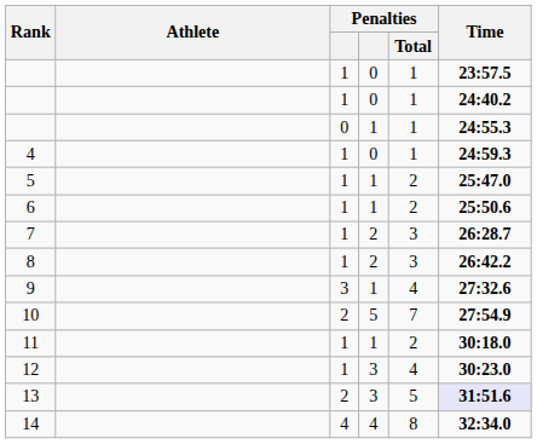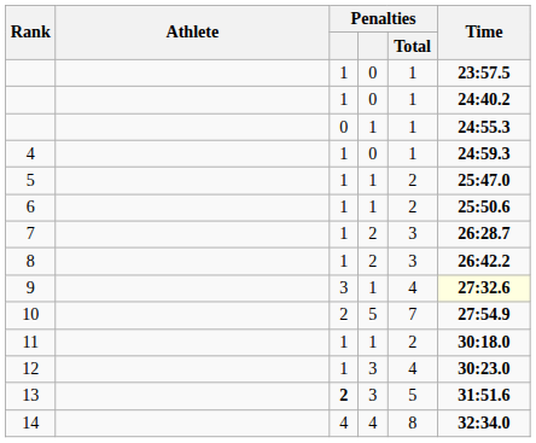 <table class=wikitable style="text-align:center">
 <tr>
 <th rowspan=2 width=40>Rank</th>
 <th rowspan=2 width=250>Athlete</th>
 <th colspan=3>Penalties</th>
 <th rowspan=2 width=80>Time</th>
 </tr>
 <tr>
 <th width=20></th>
 <th width=20></th>
 <th width=40>Total</th>
 </tr>
 <tr>
 <td></td>
 <td align=left></td>
 <td>1</td>
 <td>0</td>
 <td>1</td>
 <td><strong>23:57.5</strong></td>
 </tr>
 <tr>
 <td></td>
 <td align=left></td>
 <td>1</td>
 <td>0</td>
 <td>1</td>
 <td><strong>24:40.2</strong></td>
 </tr>
 <tr>
 <td></td>
 <td align=left></td>
 <td>0</td>
 <td>1</td>
 <td>1</td>
 <td><strong>24:55.3</strong></td>
 </tr>
 <tr>
 <td>4</td>
 <td align=left></td>
 <td>1</td>
 <td>0</td>
 <td>1</td>
 <td><strong>24:59.3</strong></td>
 </tr>
 <tr>
 <td>5</td>
 <td align=left></td>
 <td>1</td>
 <td>1</td>
 <td>2</td>
 <td><strong>25:47.0</strong></td>
 </tr>
 <tr>
 <td>6</td>
 <td align=left></td>
 <td>1</td>
 <td>1</td>
 <td>2</td>
 <td><strong>25:50.6</strong></td>
 </tr>
 <tr>
 <td>7</td>
 <td align=left></td>
 <td>1</td>
 <td>2</td>
 <td>3</td>
 <td><strong>26:28.7</strong></td>
 </tr>
 <tr>
 <td>8</td>
 <td align=left></td>
 <td>1</td>
 <td>2</td>
 <td>3</td>
 <td><strong>26:42.2</strong></td>
 </tr>
 <tr>
 <td>9</td>
 <td align=left></td>
 <td>3</td>
 <td>1</td>
 <td>4</td>
-<td><strong>27:32.6</strong></td>
+<td style="background: lightyellow;"><strong>27:32.6</strong></td>
 </tr>
 <tr>
 <td>10</td>
 <td align=left></td>
 <td>2</td>
 <td>5</td>
 <td>7</td>
 <td><strong>27:54.9</strong></td>
 </tr>
 <tr>
 <td>11</td>
 <td align=left></td>
 <td>1</td>
 <td>1</td>
 <td>2</td>
 <td><strong>30:18.0</strong></td>
 </tr>
 <tr>
 <td>12</td>
 <td align=left></td>
 <td>1</td>
 <td>3</td>
 <td>4</td>
 <td><strong>30:23.0</strong></td>
 </tr>
 <tr>
 <td>13</td>
 <td align=left></td>
-<td>2</td>
+<td><strong>2</strong></td>
 <td>3</td>
 <td>5</td>
-<td style="background: lavender;"><strong>31:51.6</strong></td>
+<td><strong>31:51.6</strong></td>
 </tr>
 <tr>
 <td>14</td>
 <td align=left></td>
 <td>4</td>
 <td>4</td>
 <td>8</td>
 <td><strong>32:34.0</strong></td>
 </tr>
 </table>
